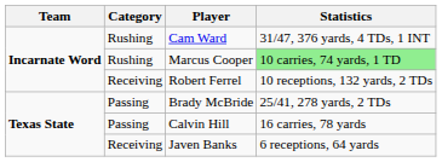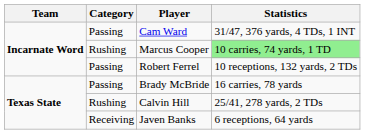 <table class="wikitable" style="float: left;">
 <tr>
 <th>Team</th>
 <th>Category</th>
 <th>Player</th>
 <th>Statistics</th>
 </tr>
 <tr>
 <td rowspan=3><strong>Incarnate Word</strong></td>
-<td>Rushing</td>
+<td>Passing</td>
 <td><a href='#'>Cam Ward</a></td>
 <td>31/47, 376 yards, 4 TDs, 1 INT</td>
 </tr>
 <tr>
 <td>Rushing</td>
 <td>Marcus Cooper</td>
 <td style="background: lightgreen;">10 carries, 74 yards, 1 TD</td>
 </tr>
 <tr>
-<td>Receiving</td>
+<td>Passing</td>
 <td>Robert Ferrel</td>
 <td>10 receptions, 132 yards, 2 TDs</td>
 </tr>
 <tr>
 <td rowspan=3><strong>Texas State</strong></td>
 <td>Passing</td>
 <td>Brady McBride</td>
-<td>25/41, 278 yards, 2 TDs</td>
+<td>16 carries, 78 yards</td>
 </tr>
 <tr>
-<td>Passing</td>
+<td>Rushing</td>
 <td>Calvin Hill</td>
-<td>16 carries, 78 yards</td>
+<td>25/41, 278 yards, 2 TDs</td>
 </tr>
 <tr>
 <td>Receiving</td>
 <td>Javen Banks</td>
 <td>6 receptions, 64 yards</td>
 </tr>
 </table>
